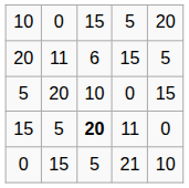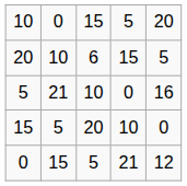 <table class="wikitable" style="margin-left:auto;margin-right:auto;text-align:center;width:10em;height:10em;table-layout:fixed;">
 <tr>
 <td>10</td>
 <td>0</td>
 <td>15</td>
 <td>5</td>
 <td>20</td>
 </tr>
 <tr>
 <td>20</td>
-<td>11</td>
+<td>10</td>
 <td>6</td>
 <td>15</td>
 <td>5</td>
 </tr>
 <tr>
 <td>5</td>
-<td>20</td>
+<td>21</td>
 <td>10</td>
 <td>0</td>
-<td>15</td>
+<td>16</td>
 </tr>
 <tr>
 <td>15</td>
 <td>5</td>
-<td><strong>20</strong></td>
-<td>11</td>
+<td>20</td>
+<td>10</td>
 <td>0</td>
 </tr>
 <tr>
 <td>0</td>
 <td>15</td>
 <td>5</td>
 <td>21</td>
-<td>10</td>
+<td>12</td>
 </tr>
 </table>
